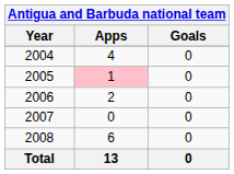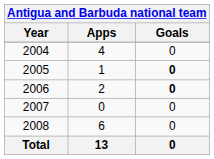 <table class="wikitable" style="text-align:center">
 <tr>
 <th colspan=3><a href='#'>Antigua and Barbuda national team</a></th>
 </tr>
 <tr>
 <th>Year</th>
 <th>Apps</th>
 <th>Goals</th>
 </tr>
 <tr>
 </tr>
 <tr>
 <td>2004</td>
 <td>4</td>
 <td>0</td>
 </tr>
 <tr>
 <td>2005</td>
-<td style="background: pink;">1</td>
-<td>0</td>
+<td>1</td>
+<td><strong>0</strong></td>
 </tr>
 <tr>
 <td>2006</td>
 <td>2</td>
-<td>0</td>
+<td><strong>0</strong></td>
 </tr>
 <tr>
 <td>2007</td>
 <td>0</td>
 <td>0</td>
 </tr>
 <tr>
 <td>2008</td>
 <td>6</td>
 <td>0</td>
 </tr>
 <tr>
 <th>Total</th>
 <th>13</th>
 <th>0</th>
 </tr>
 </table>
